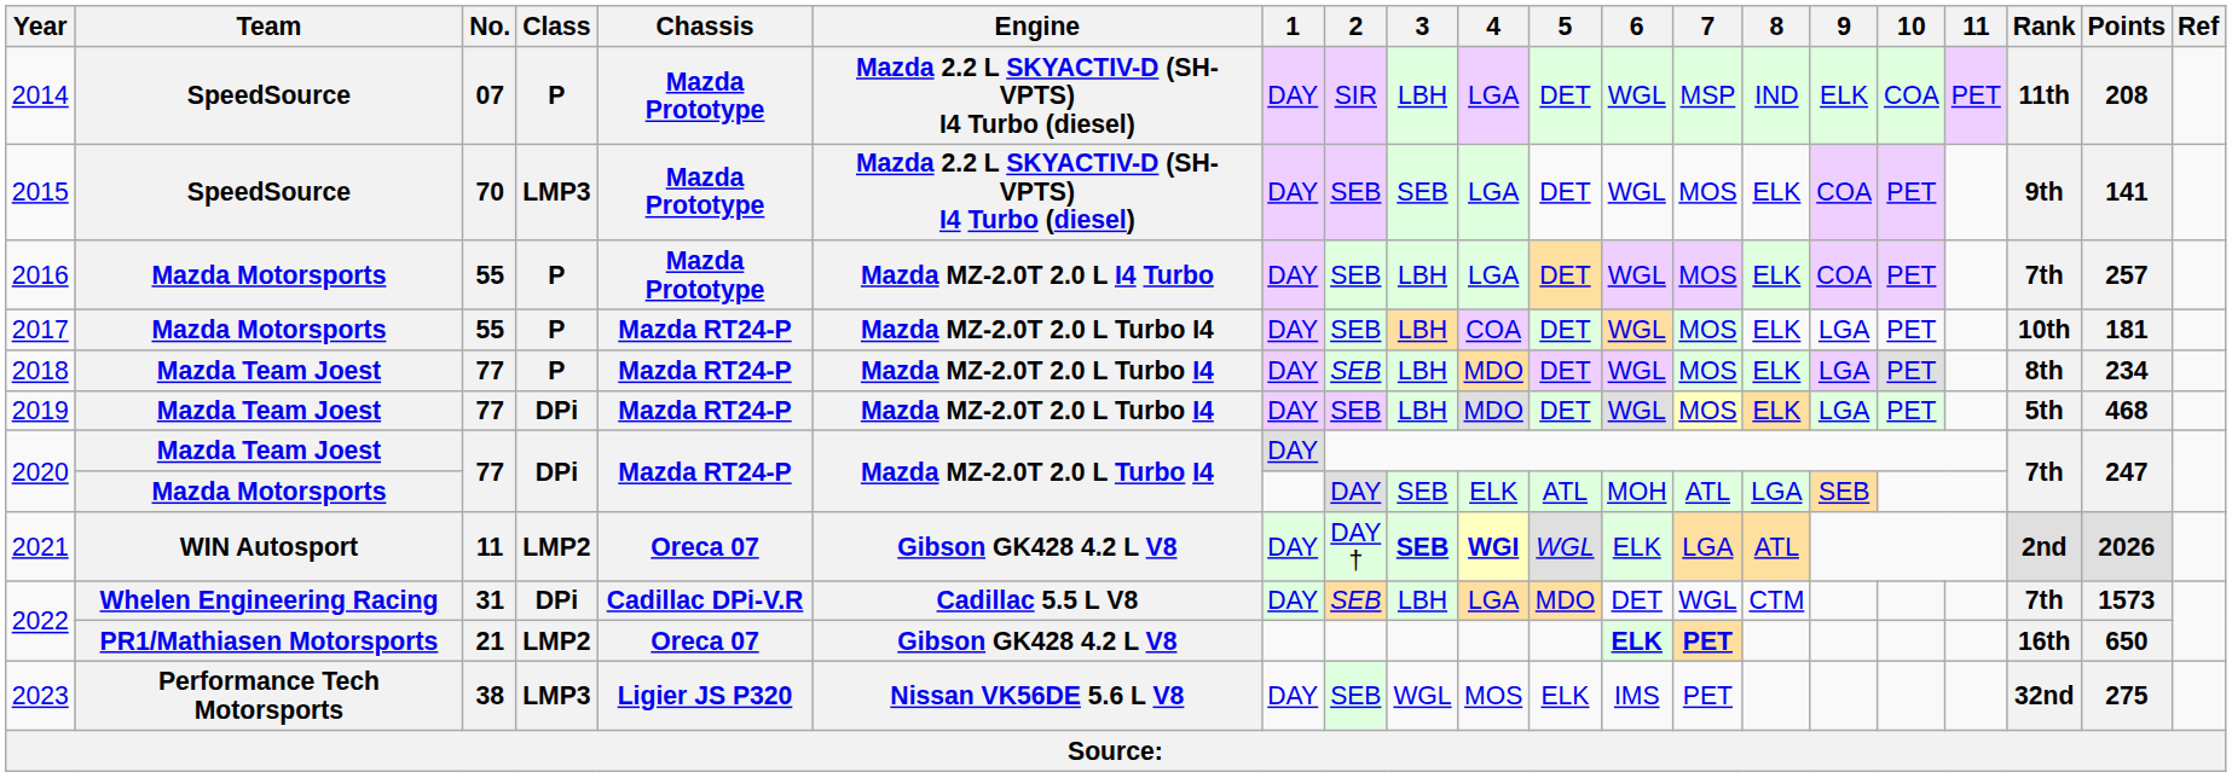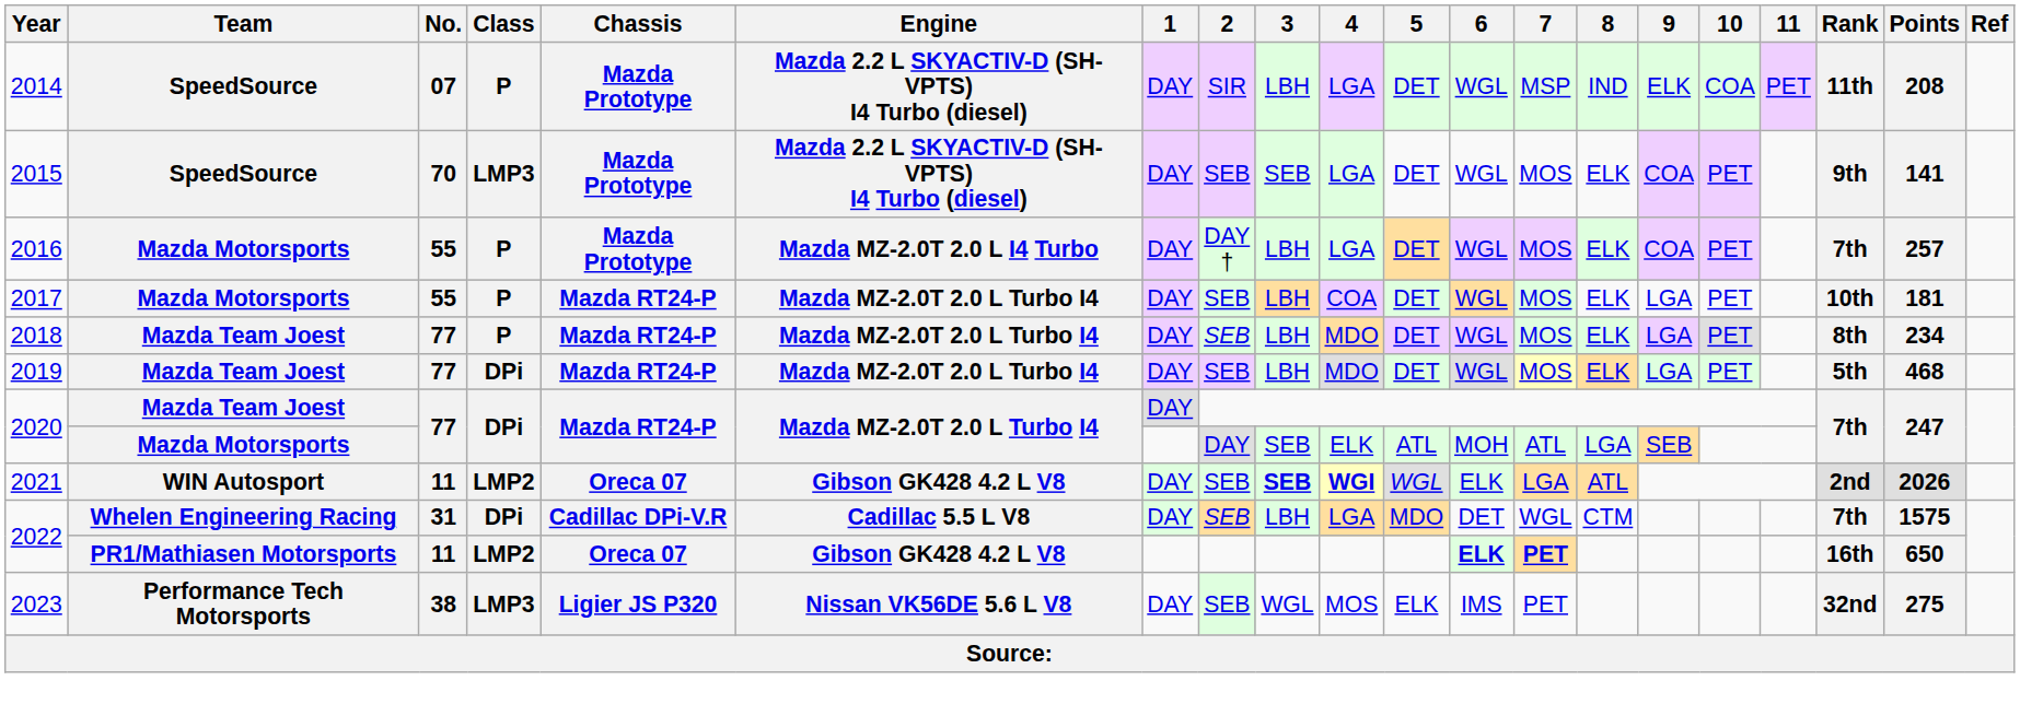 <table class="wikitable" style="text-align:center; font-size:90%">
 <tr>
 <th>Year</th>
 <th>Team</th>
 <th>No.</th>
 <th>Class</th>
 <th>Chassis</th>
 <th>Engine</th>
 <th>1</th>
 <th>2</th>
 <th>3</th>
 <th>4</th>
 <th>5</th>
 <th>6</th>
 <th>7</th>
 <th>8</th>
 <th>9</th>
 <th>10</th>
 <th>11</th>
 <th>Rank</th>
 <th>Points</th>
 <th>Ref</th>
 </tr>
 <tr>
 <td><a href='#'>2014</a></td>
 <th>SpeedSource</th>
 <th>07</th>
 <th>P</th>
 <th><a href='#'>Mazda Prototype</a></th>
 <th><a href='#'>Mazda</a> 2.2 L <a href='#'>SKYACTIV-D</a> (SH-VPTS) <br> I4 Turbo (diesel)</th>
 <td style="background:#efcfff;"><a href='#'>DAY</a><br></td>
 <td style="background:#efcfff;"><a href='#'>SIR</a><br></td>
 <td style="background:#dfffdf;"><a href='#'>LBH</a><br></td>
 <td style="background:#efcfff;"><a href='#'>LGA</a><br></td>
 <td style="background:#dfffdf;"><a href='#'>DET</a><br></td>
 <td style="background:#dfffdf;"><a href='#'>WGL</a><br></td>
 <td style="background:#dfffdf;"><a href='#'>MSP</a><br></td>
 <td style="background:#dfffdf;"><a href='#'>IND</a><br></td>
 <td style="background:#dfffdf;"><a href='#'>ELK</a><br></td>
 <td style="background:#dfffdf;"><a href='#'>COA</a><br></td>
 <td style="background:#efcfff;"><a href='#'>PET</a><br></td>
 <th>11th</th>
 <th>208</th>
 <td></td>
 </tr>
 <tr>
 <td><a href='#'>2015</a></td>
 <th>SpeedSource</th>
 <th>70</th>
 <th>LMP3</th>
 <th><a href='#'>Mazda Prototype</a></th>
 <th><a href='#'>Mazda</a> 2.2 L <a href='#'>SKYACTIV-D</a> (SH-VPTS) <br> <a href='#'>I4</a> <a href='#'>Turbo</a> (<a href='#'>diesel</a>)</th>
 <td style="background:#efcfff;"><a href='#'>DAY</a><br></td>
 <td style="background:#efcfff;"><a href='#'>SEB</a><br></td>
 <td style="background:#DFFFDF;"><a href='#'>SEB</a><br></td>
 <td style="background:#dfffdf;"><a href='#'>LGA</a><br></td>
 <td><a href='#'>DET</a><br></td>
 <td><a href='#'>WGL</a><br></td>
 <td><a href='#'>MOS</a><br></td>
 <td><a href='#'>ELK</a><br></td>
 <td style="background:#efcfff;"><a href='#'>COA</a><br></td>
 <td style="background:#efcfff;"><a href='#'>PET</a><br></td>
 <td></td>
 <th>9th</th>
 <th>141</th>
 <td></td>
 </tr>
 <tr>
 <td><a href='#'>2016</a></td>
 <th><a href='#'>Mazda Motorsports</a></th>
 <th>55</th>
 <th>P</th>
 <th><a href='#'>Mazda Prototype</a></th>
 <th><a href='#'>Mazda</a> MZ-2.0T 2.0 L <a href='#'>I4</a> <a href='#'>Turbo</a></th>
 <td style="background:#EFCFFF"><a href='#'>DAY</a><br></td>
-<td style="background:#DFFFDF"><a href='#'>SEB</a><br></td>
+<td style="background:#DFFFDF;"><a href='#'>DAY</a><br>†</td>
 <td style="background:#DFFFDF"><a href='#'>LBH</a><br></td>
 <td style="background:#DFFFDF"><a href='#'>LGA</a><br></td>
 <td style="background:#FFDF9F"><a href='#'>DET</a><br></td>
 <td style="background:#EFCFFF"><a href='#'>WGL</a><br></td>
 <td style="background:#EFCFFF"><a href='#'>MOS</a><br></td>
 <td style="background:#DFFFDF"><a href='#'>ELK</a><br></td>
 <td style="background:#EFCFFF"><a href='#'>COA</a><br></td>
 <td style="background:#EFCFFF"><a href='#'>PET</a><br></td>
 <td></td>
 <th>7th</th>
 <th>257</th>
 <td></td>
 </tr>
 <tr>
 <td><a href='#'>2017</a></td>
 <th><a href='#'>Mazda Motorsports</a></th>
 <th>55</th>
 <th>P</th>
 <th><a href='#'>Mazda RT24-P</a></th>
 <th><a href='#'>Mazda</a> MZ-2.0T 2.0 L Turbo I4</th>
 <td style="background:#EFCFFF"><a href='#'>DAY</a><br></td>
 <td style="background:#DFFFDF"><a href='#'>SEB</a> <br></td>
 <td style="background:#FFDF9F"><a href='#'>LBH</a> <br></td>
 <td style="background:#EFCFFF"><a href='#'>COA</a><br></td>
 <td style="background:#DFFFDF"><a href='#'>DET</a><br></td>
 <td style="background:#FFDF9F"><a href='#'>WGL</a><br></td>
 <td style="background:#DFFFDF"><a href='#'>MOS</a><br></td>
 <td><a href='#'>ELK</a></td>
 <td><a href='#'>LGA</a></td>
 <td><a href='#'>PET</a></td>
 <td></td>
 <th>10th</th>
 <th>181</th>
 <td></td>
 </tr>
 <tr>
 <td><a href='#'>2018</a></td>
 <th><a href='#'>Mazda Team Joest</a></th>
 <th>77</th>
 <th>P</th>
 <th><a href='#'>Mazda RT24-P</a></th>
 <th><a href='#'>Mazda</a> MZ-2.0T 2.0 L Turbo <a href='#'>I4</a></th>
 <td style="background:#EFCFFF;"><a href='#'>DAY</a><br></td>
 <td style="background:#DFFFDF;"><em><a href='#'>SEB</a></em><br></td>
 <td style="background:#DFFFDF;"><a href='#'>LBH</a><br></td>
 <td style="background:#FFDF9F;"><a href='#'>MDO</a><br></td>
 <td style="background:#EFCFFF;"><a href='#'>DET</a><br></td>
 <td style="background:#EFCFFF;"><a href='#'>WGL</a><br></td>
 <td style="background:#DFFFDF;"><a href='#'>MOS</a><br></td>
 <td style="background:#DFFFDF;"><a href='#'>ELK</a><br></td>
 <td style="background:#EFCFFF;"><a href='#'>LGA</a><br></td>
 <td style="background:#DFDFDF;"><a href='#'>PET</a><br></td>
 <td></td>
 <th>8th</th>
 <th>234</th>
 <td></td>
 </tr>
 <tr>
 <td><a href='#'>2019</a></td>
 <th><a href='#'>Mazda Team Joest</a></th>
 <th>77</th>
 <th>DPi</th>
 <th><a href='#'>Mazda RT24-P</a></th>
 <th><a href='#'>Mazda</a> MZ-2.0T 2.0 L Turbo <a href='#'>I4</a></th>
 <td style="background:#EFCFFF;"><a href='#'>DAY</a><br></td>
 <td style="background:#EFCFFF;"><a href='#'>SEB</a><br></td>
 <td style="background:#DFFFDF;"><a href='#'>LBH</a><br></td>
 <td style="background:#DFDFDF;"><a href='#'>MDO</a><br></td>
 <td style="background:#DFFFDF;"><a href='#'>DET</a><br></td>
 <td style="background:#DFDFDF;"><a href='#'>WGL</a><br></td>
 <td style="background:#FFFFBF;"><a href='#'>MOS</a><br></td>
 <td style="background:#FFDF9F;"><a href='#'>ELK</a><br></td>
 <td style="background:#DFFFDF;"><a href='#'>LGA</a><br></td>
 <td style="background:#DFFFDF;"><a href='#'>PET</a><br></td>
 <td></td>
 <th>5th</th>
 <th>468</th>
 <td></td>
 </tr>
 <tr>
 <td rowspan=2><a href='#'>2020</a></td>
 <th><a href='#'>Mazda Team Joest</a></th>
 <th rowspan=2>77</th>
 <th rowspan=2>DPi</th>
 <th rowspan=2><a href='#'>Mazda RT24-P</a></th>
 <th rowspan=2><a href='#'>Mazda</a> MZ-2.0T 2.0 L <a href='#'>Turbo</a> <a href='#'>I4</a></th>
 <td style="background:#DFDFDF;"><a href='#'>DAY</a><br></td>
 <td colspan=10></td>
 <th rowspan=2>7th</th>
 <th rowspan=2>247</th>
 <td rowspan="2"></td>
 </tr>
 <tr>
 <th><a href='#'>Mazda Motorsports</a></th>
 <td></td>
 <td style="background:#DFDFDF;"><a href='#'>DAY</a><br></td>
 <td style="background:#DFFFDF;"><a href='#'>SEB</a><br></td>
 <td style="background:#DFFFDF;"><a href='#'>ELK</a><br></td>
 <td style="background:#DFFFDF;"><a href='#'>ATL</a><br></td>
 <td style="background:#DFFFDF;"><a href='#'>MOH</a><br></td>
 <td style="background:#DFFFDF;"><a href='#'>ATL</a><br></td>
 <td style="background:#DFFFDF;"><a href='#'>LGA</a><br></td>
 <td style="background:#FFDF9F;"><a href='#'>SEB</a><br></td>
 <td colspan=2></td>
 </tr>
 <tr>
 <td><a href='#'>2021</a></td>
 <th>WIN Autosport</th>
 <th>11</th>
 <th>LMP2</th>
 <th><a href='#'>Oreca 07</a></th>
 <th><a href='#'>Gibson</a> GK428 4.2 L <a href='#'>V8</a></th>
 <td style="background:#DFFFDF;"><a href='#'>DAY</a><br></td>
-<td style="background:#DFFFDF;"><a href='#'>DAY</a><br>†</td>
+<td style="background:#DFFFDF"><a href='#'>SEB</a><br></td>
 <td style="background:#DFFFDF;"><strong><a href='#'>SEB</a><br></strong></td>
 <td style="background:#FFFFBF;"><strong><a href='#'>WGI</a><br></strong></td>
 <td style="background:#DFDFDF;"><em><a href='#'>WGL</a><br></em></td>
 <td style="background:#DFFFDF;"><a href='#'>ELK</a><br></td>
 <td style="background:#FFDF9F;"><a href='#'>LGA</a><br></td>
 <td style="background:#FFDF9F;"><a href='#'>ATL</a><br></td>
 <td colspan="3"></td>
 <th style="background:#DFDFDF;">2nd</th>
 <th style="background:#DFDFDF;">2026</th>
 <td></td>
 </tr>
 <tr>
 <td rowspan=2><a href='#'>2022</a></td>
 <th><a href='#'>Whelen Engineering Racing</a></th>
 <th>31</th>
 <th>DPi</th>
 <th><a href='#'>Cadillac DPi-V.R</a></th>
 <th><a href='#'>Cadillac</a> 5.5 L V8</th>
 <td style="background:#DFFFDF;"><a href='#'>DAY</a><br></td>
 <td style="background:#FFDF9F;"><em><a href='#'>SEB</a></em><br></td>
 <td style="background:#DFFFDF;"><a href='#'>LBH</a><br></td>
 <td style="background:#FFDF9F;"><a href='#'>LGA</a><br></td>
 <td style="background:#FFDF9F;"><a href='#'>MDO</a><br></td>
 <td><a href='#'>DET</a></td>
 <td><a href='#'>WGL</a></td>
 <td style="background:"><a href='#'>CTM</a><br></td>
 <td style="background:"></td>
 <td style="background:"></td>
 <td></td>
 <th>7th</th>
-<th>1573</th>
+<th>1575</th>
 <td rowspan="2"></td>
 </tr>
 <tr>
 <th><a href='#'>PR1/Mathiasen Motorsports</a></th>
-<th>21</th>
+<th>11</th>
 <th>LMP2</th>
 <th><a href='#'>Oreca 07</a></th>
 <th><a href='#'>Gibson</a> GK428 4.2 L <a href='#'>V8</a></th>
 <td style="background:#;"></td>
 <td style="background:#;"></td>
 <td style="background:#;"></td>
 <td style="background:#;"></td>
 <td style="background:#;"></td>
 <td style="background:#DFFFDF;"><strong><a href='#'>ELK</a><br></strong></td>
 <td style="background:#FFDF9F;”"><strong><a href='#'>PET</a><br></strong></td>
 <td></td>
 <td></td>
 <td></td>
 <td></td>
 <th>16th</th>
 <th>650</th>
 </tr>
 <tr>
 <td><a href='#'>2023</a></td>
 <th>Performance Tech Motorsports</th>
 <th>38</th>
 <th>LMP3</th>
 <th><a href='#'>Ligier JS P320</a></th>
 <th><a href='#'>Nissan VK56DE</a> 5.6 L <a href='#'>V8</a></th>
 <td><a href='#'>DAY</a><br></td>
 <td style="background:#DFFFDF;"><a href='#'>SEB</a><br></td>
 <td><a href='#'>WGL</a><br></td>
 <td><a href='#'>MOS</a><br></td>
 <td><a href='#'>ELK</a><br></td>
 <td><a href='#'>IMS</a><br></td>
 <td><a href='#'>PET</a><br></td>
 <td></td>
 <td></td>
 <td></td>
 <td></td>
 <th>32nd</th>
 <th>275</th>
 <td></td>
 </tr>
 <tr>
 <th colspan="20">Source:</th>
 </tr>
 </table>
